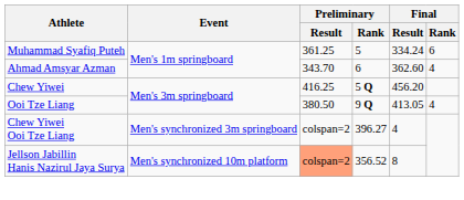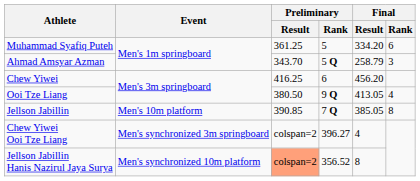 <table class="wikitable">
 <tr>
 <th rowspan="2">Athlete</th>
 <th rowspan="2">Event</th>
 <th colspan="2">Preliminary</th>
 <th colspan="2">Final</th>
 </tr>
 <tr>
 <th>Result</th>
 <th>Rank</th>
 <th>Result</th>
 <th>Rank</th>
 </tr>
 <tr>
 <td><a href='#'>Muhammad Syafiq Puteh</a></td>
 <td rowspan="2"><a href='#'>Men's 1m springboard</a></td>
 <td>361.25</td>
 <td>5 <strong></strong></td>
-<td>334.24</td>
+<td>334.20</td>
 <td>6</td>
 </tr>
 <tr>
 <td><a href='#'>Ahmad Amsyar Azman</a></td>
 <td>343.70</td>
-<td>6 <strong></strong></td>
-<td>362.60</td>
-<td>4</td>
+<td>5 <strong>Q</strong></td>
+<td>258.79</td>
+<td>3</td>
 </tr>
 <tr>
 <td><a href='#'>Chew Yiwei</a></td>
 <td rowspan="2"><a href='#'>Men's 3m springboard</a></td>
 <td>416.25</td>
-<td>5 <strong>Q</strong></td>
+<td>6 <strong></strong></td>
 <td>456.20</td>
 <td></td>
 </tr>
 <tr>
 <td><a href='#'>Ooi Tze Liang</a></td>
 <td>380.50</td>
 <td>9 <strong>Q</strong></td>
 <td>413.05</td>
 <td>4</td>
+</tr>
+<tr>
+<td><a href='#'>Jellson Jabillin</a></td>
+<td><a href='#'>Men's 10m platform</a></td>
+<td>390.85</td>
+<td>7 <strong>Q</strong></td>
+<td>385.05</td>
+<td>8</td>
 </tr>
 <tr>
 <td><a href='#'>Chew Yiwei</a><br><a href='#'>Ooi Tze Liang</a></td>
 <td><a href='#'>Men's synchronized 3m springboard</a></td>
 <td>colspan=2 </td>
 <td>396.27</td>
 <td>4</td>
 </tr>
 <tr>
 <td><a href='#'>Jellson Jabillin</a><br><a href='#'>Hanis Nazirul Jaya Surya</a></td>
 <td><a href='#'>Men's synchronized 10m platform</a></td>
 <td style="background: lightsalmon;">colspan=2 </td>
 <td>356.52</td>
 <td>8</td>
 </tr>
 </table>
